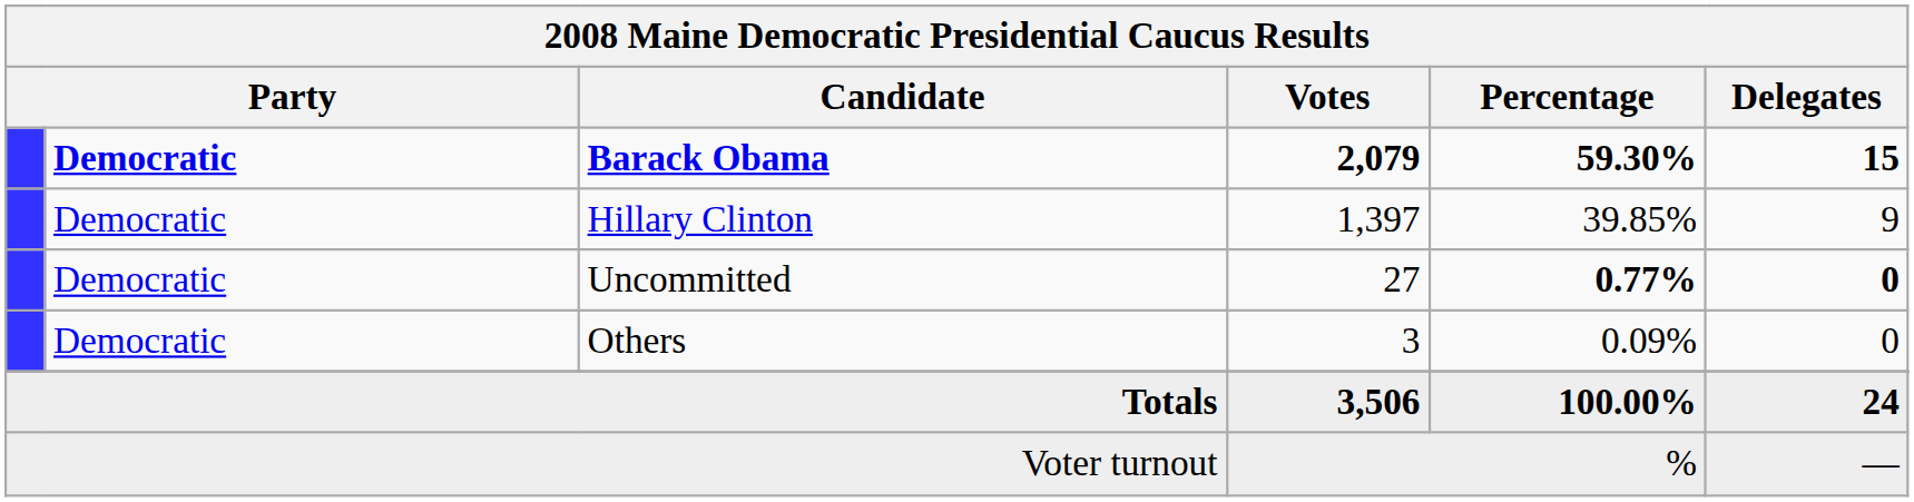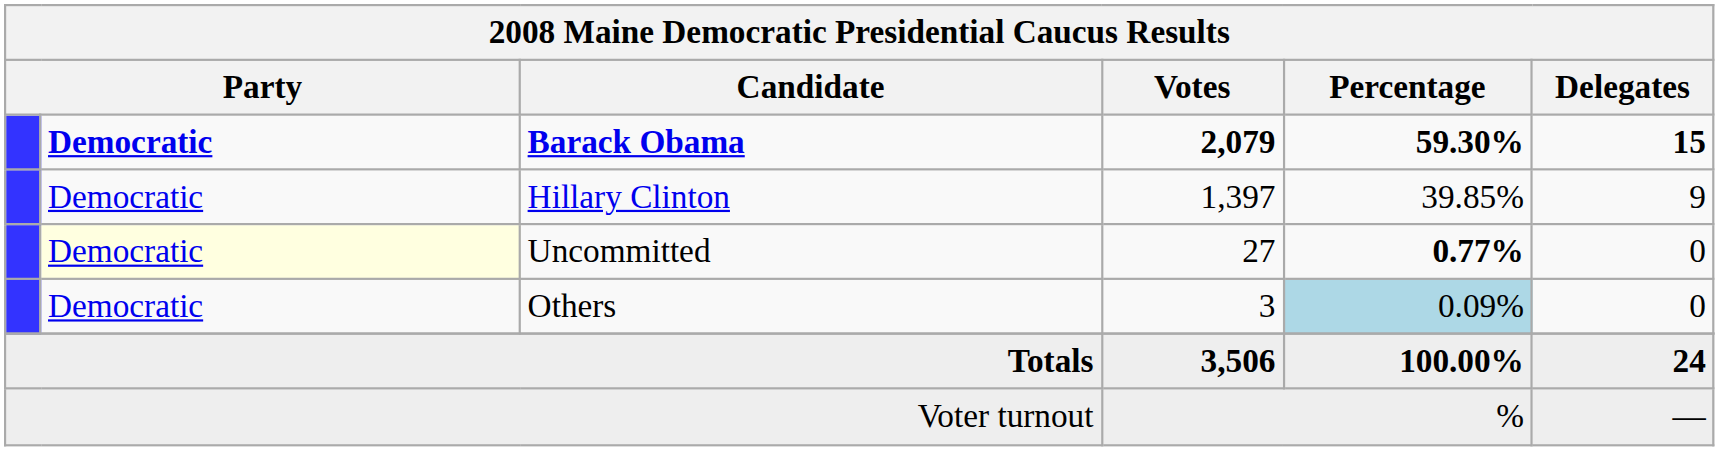 <table class="wikitable" style="font-size:95%;">
 <tr>
 <th colspan="7">2008 Maine Democratic Presidential Caucus Results</th>
 </tr>
 <tr>
 <th colspan="2" style="width: 15em">Party</th>
 <th style="width: 17em">Candidate</th>
 <th style="width: 5em">Votes</th>
 <th style="width: 7em">Percentage</th>
 <th style="width: 5em">Delegates</th>
 </tr>
 <tr>
 <th style="background-color:#3333FF; width: 3px"></th>
 <td style="width: 130px"><strong><a href='#'>Democratic</a></strong></td>
 <td><strong><a href='#'>Barack Obama</a></strong></td>
 <td align="right"><strong>2,079</strong></td>
 <td align="right"><strong>59.30%</strong></td>
 <td align="right"><strong>15</strong></td>
 </tr>
 <tr>
 <th style="background-color:#3333FF; width: 3px"></th>
 <td style="width: 130px"><a href='#'>Democratic</a></td>
 <td><a href='#'>Hillary Clinton</a></td>
 <td align="right">1,397</td>
 <td align="right">39.85%</td>
 <td align="right">9</td>
 </tr>
 <tr>
 <th style="background-color:#3333FF; width: 3px"></th>
-<td style="width: 130px"><a href='#'>Democratic</a></td>
+<td style="background: lightyellow; width: 130px"><a href='#'>Democratic</a></td>
 <td>Uncommitted</td>
 <td align="right">27</td>
 <td align="right"><strong>0.77%</strong></td>
-<td align="right"><strong>0</strong></td>
+<td align="right">0</td>
 </tr>
 <tr>
 <th style="background-color:#3333FF; width: 3px"></th>
 <td style="width: 130px"><a href='#'>Democratic</a></td>
 <td>Others</td>
 <td align="right">3</td>
-<td align="right">0.09%</td>
+<td align="right" style="background: lightblue;">0.09%</td>
 <td align="right">0</td>
 </tr>
 <tr>
 </tr>
 <tr bgcolor="#EEEEEE">
 <td colspan="3" align="right"><strong>Totals</strong></td>
 <td align="right"><strong>3,506</strong></td>
 <td align="right"><strong>100.00%</strong></td>
 <td align="right"><strong>24</strong></td>
 </tr>
 <tr bgcolor="#EEEEEE">
 <td colspan="3" align="right">Voter turnout</td>
 <td colspan="2" align="right">%</td>
 <td align="right">—</td>
 </tr>
 </table>
